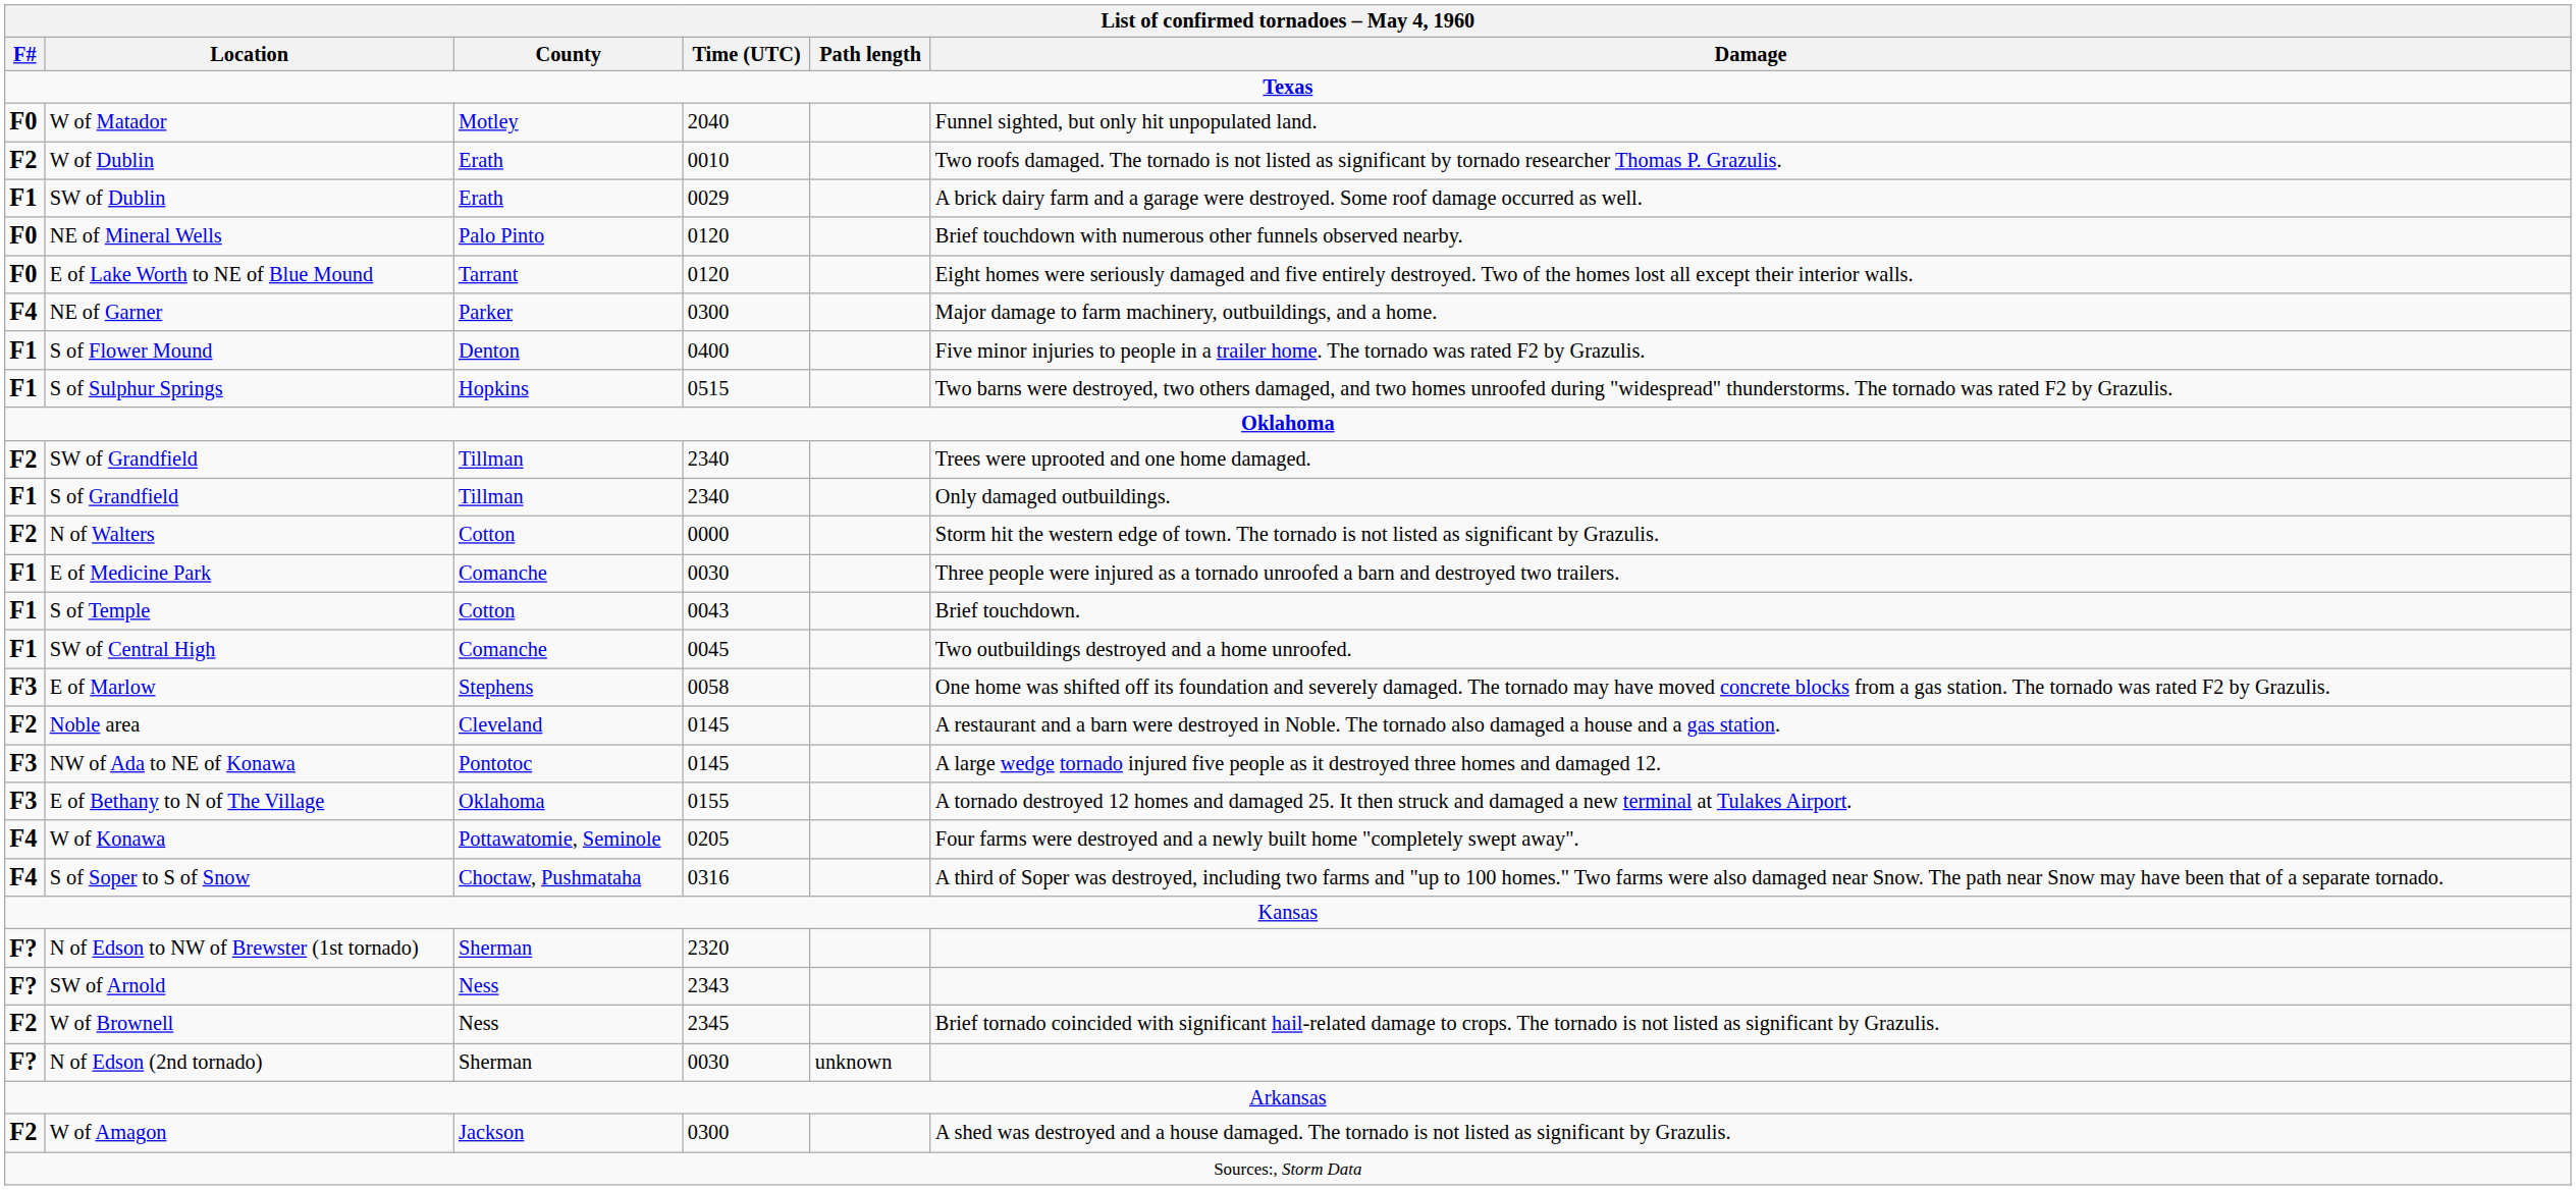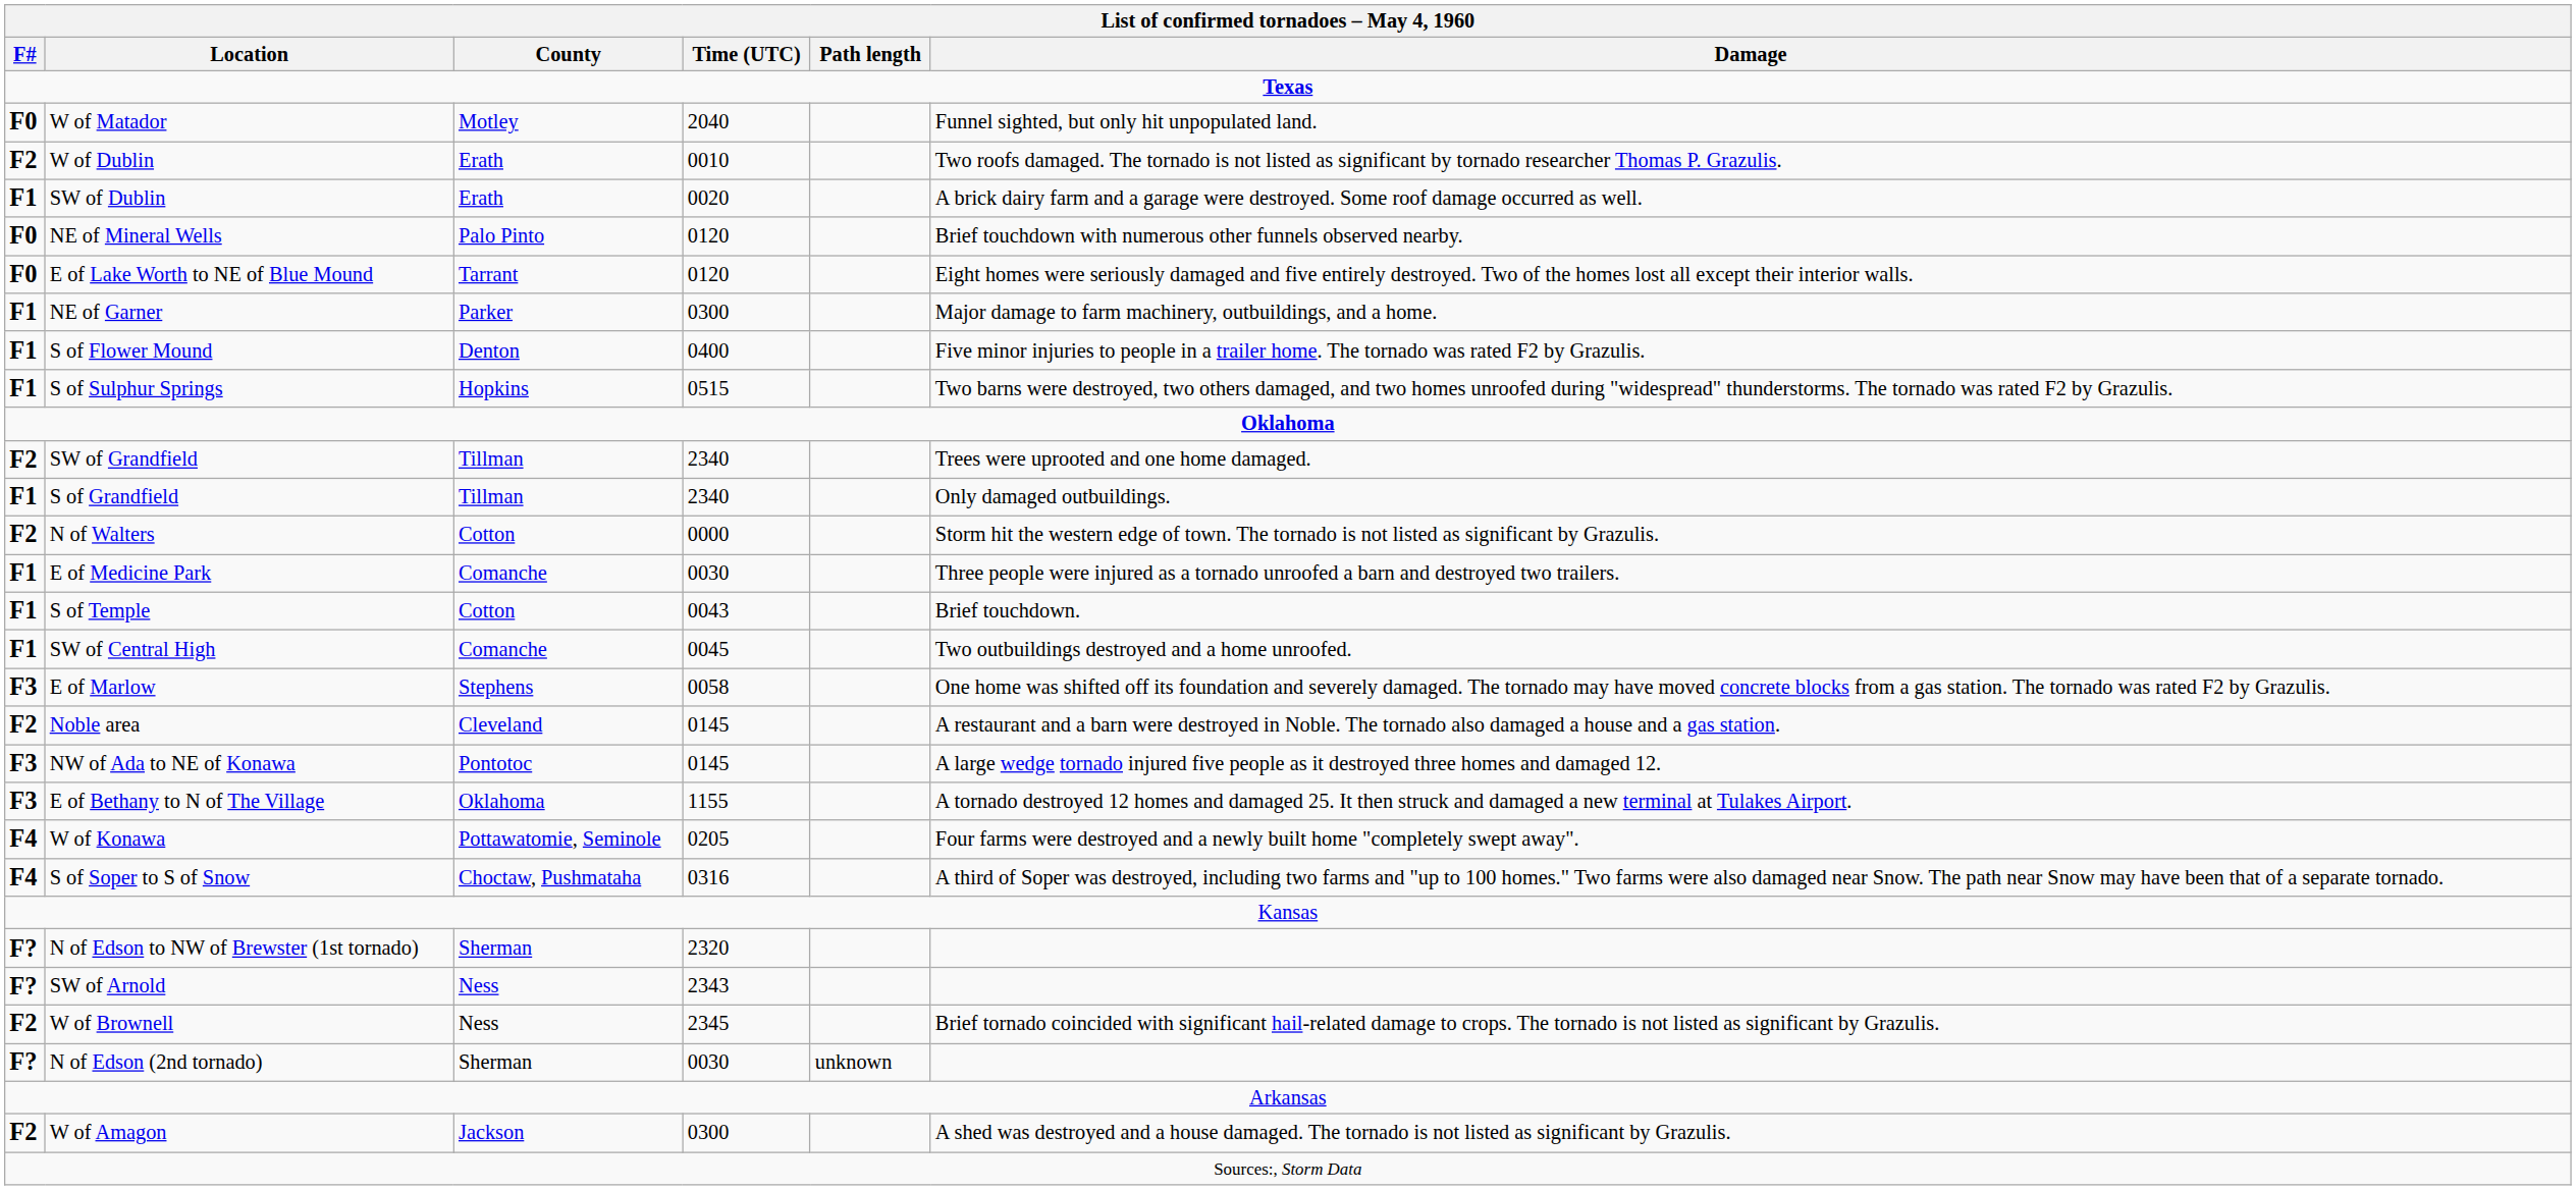 <table class="wikitable toccolours collapsible" width="100%">
 <tr>
 <th colspan="6">List of confirmed tornadoes – May 4, 1960</th>
 </tr>
 <tr>
 <th><a href='#'>F#</a></th>
 <th>Location</th>
 <th>County</th>
 <th>Time (UTC)</th>
 <th>Path length</th>
 <th>Damage</th>
 </tr>
 <tr>
 <td colspan="7" style="text-align:center;"><strong><a href='#'>Texas</a></strong></td>
 </tr>
 <tr>
 <td><big><strong>F0</strong></big></td>
 <td>W of <a href='#'>Matador</a></td>
 <td><a href='#'>Motley</a></td>
 <td>2040</td>
 <td></td>
 <td>Funnel sighted, but only hit unpopulated land.</td>
 </tr>
 <tr>
 <td><big><strong>F2</strong></big></td>
 <td>W of <a href='#'>Dublin</a></td>
 <td><a href='#'>Erath</a></td>
 <td>0010</td>
 <td></td>
 <td>Two roofs damaged. The tornado is not listed as significant by tornado researcher <a href='#'>Thomas P. Grazulis</a>.</td>
 </tr>
 <tr>
 <td><big><strong>F1</strong></big></td>
 <td>SW of <a href='#'>Dublin</a></td>
 <td><a href='#'>Erath</a></td>
-<td>0029</td>
+<td>0020</td>
 <td></td>
 <td>A brick dairy farm and a garage were destroyed. Some roof damage occurred as well.</td>
 </tr>
 <tr>
 <td><big><strong>F0</strong></big></td>
 <td>NE of <a href='#'>Mineral Wells</a></td>
 <td><a href='#'>Palo Pinto</a></td>
 <td>0120</td>
 <td></td>
 <td>Brief touchdown with numerous other funnels observed nearby.</td>
 </tr>
 <tr>
 <td><big><strong>F0</strong></big></td>
 <td>E of <a href='#'>Lake Worth</a> to NE of <a href='#'>Blue Mound</a></td>
 <td><a href='#'>Tarrant</a></td>
 <td>0120</td>
 <td></td>
 <td>Eight homes were seriously damaged and five entirely destroyed. Two of the homes lost all except their interior walls.</td>
 </tr>
 <tr>
-<td><big><strong>F4</strong></big></td>
+<td><big><strong>F1</strong></big></td>
 <td>NE of <a href='#'>Garner</a></td>
 <td><a href='#'>Parker</a></td>
 <td>0300</td>
 <td></td>
 <td>Major damage to farm machinery, outbuildings, and a home.</td>
 </tr>
 <tr>
 <td><big><strong>F1</strong></big></td>
 <td>S of <a href='#'>Flower Mound</a></td>
 <td><a href='#'>Denton</a></td>
 <td>0400</td>
 <td></td>
 <td>Five minor injuries to people in a <a href='#'>trailer home</a>. The tornado was rated F2 by Grazulis.</td>
 </tr>
 <tr>
 <td><big><strong>F1</strong></big></td>
 <td>S of <a href='#'>Sulphur Springs</a></td>
 <td><a href='#'>Hopkins</a></td>
 <td>0515</td>
 <td></td>
 <td>Two barns were destroyed, two others damaged, and two homes unroofed during "widespread" thunderstorms. The tornado was rated F2 by Grazulis.</td>
 </tr>
 <tr>
 <td colspan="7" style="text-align:center;"><strong><a href='#'>Oklahoma</a></strong></td>
 </tr>
 <tr>
 <td><big><strong>F2</strong></big></td>
 <td>SW of <a href='#'>Grandfield</a></td>
 <td><a href='#'>Tillman</a></td>
 <td>2340</td>
 <td></td>
 <td>Trees were uprooted and one home damaged.</td>
 </tr>
 <tr>
 <td><big><strong>F1</strong></big></td>
 <td>S of <a href='#'>Grandfield</a></td>
 <td><a href='#'>Tillman</a></td>
 <td>2340</td>
 <td></td>
 <td>Only damaged outbuildings.</td>
 </tr>
 <tr>
 <td><big><strong>F2</strong></big></td>
 <td>N of <a href='#'>Walters</a></td>
 <td><a href='#'>Cotton</a></td>
 <td>0000</td>
 <td></td>
 <td>Storm hit the western edge of town. The tornado is not listed as significant by Grazulis.</td>
 </tr>
 <tr>
 <td><big><strong>F1</strong></big></td>
 <td>E of <a href='#'>Medicine Park</a></td>
 <td><a href='#'>Comanche</a></td>
 <td>0030</td>
 <td></td>
 <td>Three people were injured as a tornado unroofed a barn and destroyed two trailers.</td>
 </tr>
 <tr>
 <td><big><strong>F1</strong></big></td>
 <td>S of <a href='#'>Temple</a></td>
 <td><a href='#'>Cotton</a></td>
 <td>0043</td>
 <td></td>
 <td>Brief touchdown.</td>
 </tr>
 <tr>
 <td><big><strong>F1</strong></big></td>
 <td>SW of <a href='#'>Central High</a></td>
 <td><a href='#'>Comanche</a></td>
 <td>0045</td>
 <td></td>
 <td>Two outbuildings destroyed and a home unroofed.</td>
 </tr>
 <tr>
 <td><big><strong>F3</strong></big></td>
 <td>E of <a href='#'>Marlow</a></td>
 <td><a href='#'>Stephens</a></td>
 <td>0058</td>
 <td></td>
 <td>One home was shifted off its foundation and severely damaged. The tornado may have moved <a href='#'>concrete blocks</a>  from a gas station. The tornado was rated F2 by Grazulis.</td>
 </tr>
 <tr>
 <td><big><strong>F2</strong></big></td>
 <td><a href='#'>Noble</a> area</td>
 <td><a href='#'>Cleveland</a></td>
 <td>0145</td>
 <td></td>
 <td>A restaurant and a barn were destroyed in Noble. The tornado also damaged a house and a <a href='#'>gas station</a>.</td>
 </tr>
 <tr>
 <td><big><strong>F3</strong></big></td>
 <td>NW of <a href='#'>Ada</a> to NE of <a href='#'>Konawa</a></td>
 <td><a href='#'>Pontotoc</a></td>
 <td>0145</td>
 <td></td>
 <td>A large <a href='#'>wedge</a> <a href='#'>tornado</a> injured five people as it destroyed three homes and damaged 12.</td>
 </tr>
 <tr>
 <td><big><strong>F3</strong></big></td>
 <td>E of <a href='#'>Bethany</a> to N of <a href='#'>The Village</a></td>
 <td><a href='#'>Oklahoma</a></td>
-<td>0155</td>
+<td>1155</td>
 <td></td>
 <td>A tornado destroyed 12 homes and damaged 25. It then struck and damaged a new <a href='#'>terminal</a> at <a href='#'>Tulakes Airport</a>.</td>
 </tr>
 <tr>
 <td><big><strong>F4</strong></big></td>
 <td>W of <a href='#'>Konawa</a></td>
 <td><a href='#'>Pottawatomie</a>, <a href='#'>Seminole</a></td>
 <td>0205</td>
 <td></td>
 <td>Four farms were destroyed and a newly built home "completely swept away".</td>
 </tr>
 <tr>
 <td><big><strong>F4</strong></big></td>
 <td>S of <a href='#'>Soper</a> to S of <a href='#'>Snow</a></td>
 <td><a href='#'>Choctaw</a>, <a href='#'>Pushmataha</a></td>
 <td>0316</td>
 <td></td>
 <td>A third of Soper was destroyed, including two farms and "up to 100 homes." Two farms were also damaged near Snow. The path near Snow may have been that of a separate tornado.</td>
 </tr>
 <tr>
 <td colspan="7" style="text-align:center;"><a href='#'>Kansas</a></td>
 </tr>
 <tr>
 <td><big><strong>F?</strong></big></td>
 <td>N of <a href='#'>Edson</a> to NW of <a href='#'>Brewster</a> (1st tornado)</td>
 <td><a href='#'>Sherman</a></td>
 <td>2320</td>
 <td></td>
 <td></td>
 </tr>
 <tr>
 <td><big><strong>F?</strong></big></td>
 <td>SW of <a href='#'>Arnold</a></td>
 <td><a href='#'>Ness</a></td>
 <td>2343</td>
 <td></td>
 <td></td>
 </tr>
 <tr>
 <td><big><strong>F2</strong></big></td>
 <td>W of <a href='#'>Brownell</a></td>
 <td>Ness</td>
 <td>2345</td>
 <td></td>
 <td>Brief tornado coincided with significant <a href='#'>hail</a>-related damage to crops. The tornado is not listed as significant by Grazulis.</td>
 </tr>
 <tr>
 <td><big><strong>F?</strong></big></td>
 <td>N of <a href='#'>Edson</a> (2nd tornado)</td>
 <td>Sherman</td>
 <td>0030</td>
 <td>unknown</td>
 <td></td>
 </tr>
 <tr>
 <td colspan="7" style="text-align:center;"><a href='#'>Arkansas</a></td>
 </tr>
 <tr>
 <td><big><strong>F2</strong></big></td>
 <td>W of <a href='#'>Amagon</a></td>
 <td><a href='#'>Jackson</a></td>
 <td>0300</td>
 <td></td>
 <td>A shed was destroyed and a house damaged. The tornado is not listed as significant by Grazulis.</td>
 </tr>
 <tr>
 <td colspan="7" style="text-align:center;"><small>Sources:, <em>Storm Data</em></small></td>
 </tr>
 </table>
